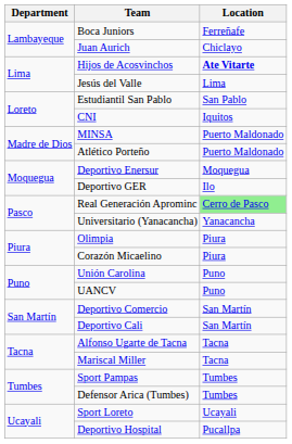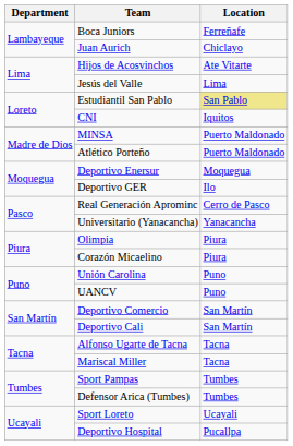 <table class="wikitable">
 <tr>
 <th>Department</th>
 <th>Team</th>
 <th>Location</th>
 </tr>
 <tr>
 <td rowspan="2"><a href='#'>Lambayeque</a></td>
 <td>Boca Juniors</td>
 <td><a href='#'>Ferreñafe</a></td>
 </tr>
 <tr>
 <td><a href='#'>Juan Aurich</a></td>
 <td><a href='#'>Chiclayo</a></td>
 </tr>
 <tr>
 <td rowspan="2"><a href='#'>Lima</a></td>
 <td><a href='#'>Hijos de Acosvinchos</a></td>
-<td><strong><a href='#'>Ate Vitarte</a></strong></td>
+<td><a href='#'>Ate Vitarte</a></td>
 </tr>
 <tr>
 <td>Jesús del Valle</td>
 <td><a href='#'>Lima</a></td>
 </tr>
 <tr>
 <td rowspan="2"><a href='#'>Loreto</a></td>
 <td>Estudiantil San Pablo</td>
-<td><a href='#'>San Pablo</a></td>
+<td style="background: khaki;"><a href='#'>San Pablo</a></td>
 </tr>
 <tr>
 <td><a href='#'>CNI</a></td>
 <td><a href='#'>Iquitos</a></td>
 </tr>
 <tr>
 <td rowspan="2"><a href='#'>Madre de Dios</a></td>
 <td><a href='#'>MINSA</a></td>
 <td><a href='#'>Puerto Maldonado</a></td>
 </tr>
 <tr>
 <td>Atlético Porteño</td>
 <td><a href='#'>Puerto Maldonado</a></td>
 </tr>
 <tr>
 <td rowspan="2"><a href='#'>Moquegua</a></td>
 <td><a href='#'>Deportivo Enersur</a></td>
 <td><a href='#'>Moquegua</a></td>
 </tr>
 <tr>
 <td>Deportivo GER</td>
 <td><a href='#'>Ilo</a></td>
 </tr>
 <tr>
 <td rowspan="2"><a href='#'>Pasco</a></td>
 <td>Real Generación Aprominc</td>
-<td style="background: lightgreen;"><a href='#'>Cerro de Pasco</a></td>
+<td><a href='#'>Cerro de Pasco</a></td>
 </tr>
 <tr>
 <td>Universitario (Yanacancha)</td>
 <td><a href='#'>Yanacancha</a></td>
 </tr>
 <tr>
 <td rowspan="2"><a href='#'>Piura</a></td>
 <td><a href='#'>Olimpia</a></td>
 <td><a href='#'>Piura</a></td>
 </tr>
 <tr>
 <td>Corazón Micaelino</td>
 <td><a href='#'>Piura</a></td>
 </tr>
 <tr>
 <td rowspan="2"><a href='#'>Puno</a></td>
 <td><a href='#'>Unión Carolina</a></td>
 <td><a href='#'>Puno</a></td>
 </tr>
 <tr>
 <td>UANCV</td>
 <td><a href='#'>Puno</a></td>
 </tr>
 <tr>
 <td rowspan="2"><a href='#'>San Martín</a></td>
 <td><a href='#'>Deportivo Comercio</a></td>
 <td><a href='#'>San Martín</a></td>
 </tr>
 <tr>
 <td><a href='#'>Deportivo Cali</a></td>
 <td><a href='#'>San Martín</a></td>
 </tr>
 <tr>
 <td rowspan="2"><a href='#'>Tacna</a></td>
 <td><a href='#'>Alfonso Ugarte de Tacna</a></td>
 <td><a href='#'>Tacna</a></td>
 </tr>
 <tr>
 <td><a href='#'>Mariscal Miller</a></td>
 <td><a href='#'>Tacna</a></td>
 </tr>
 <tr>
 <td rowspan="2"><a href='#'>Tumbes</a></td>
 <td><a href='#'>Sport Pampas</a></td>
 <td><a href='#'>Tumbes</a></td>
 </tr>
 <tr>
 <td>Defensor Arica (Tumbes)</td>
 <td><a href='#'>Tumbes</a></td>
 </tr>
 <tr>
 <td rowspan="2"><a href='#'>Ucayali</a></td>
 <td><a href='#'>Sport Loreto</a></td>
 <td><a href='#'>Ucayali</a></td>
 </tr>
 <tr>
 <td><a href='#'>Deportivo Hospital</a></td>
 <td><a href='#'>Pucallpa</a></td>
 </tr>
 </table>
